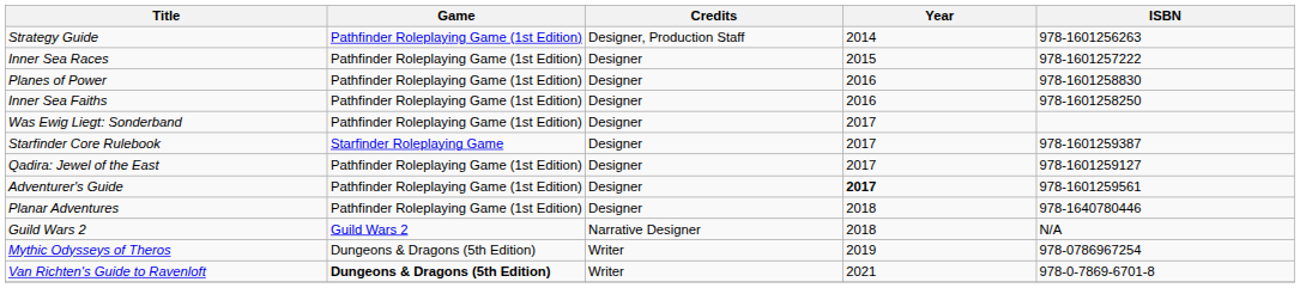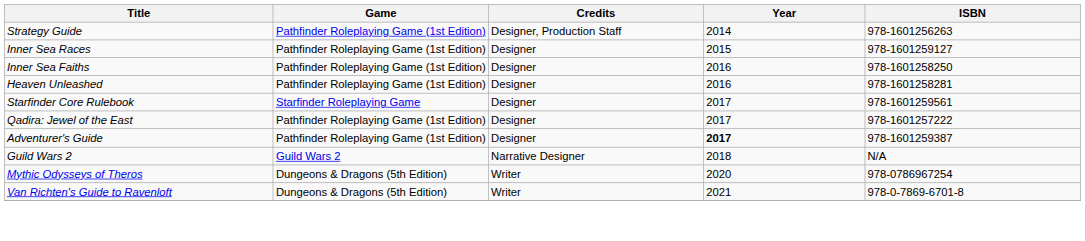 <table class="wikitable sortable" style="margins:auto; width=95%; font-size: 95%;">
 <tr>
 <th width="25%">Title</th>
 <th width="20%">Game</th>
 <th width="20%">Credits</th>
 <th width="15%">Year</th>
 <th width="20%">ISBN</th>
 </tr>
 <tr>
 <td><em>Strategy Guide</em></td>
 <td><a href='#'>Pathfinder Roleplaying Game (1st Edition)</a></td>
 <td>Designer, Production Staff</td>
 <td>2014</td>
 <td>978-1601256263</td>
 </tr>
 <tr>
 <td><em>Inner Sea Races</em></td>
 <td>Pathfinder Roleplaying Game (1st Edition)</td>
 <td>Designer</td>
 <td>2015</td>
-<td>978-1601257222</td>
-</tr>
-<tr>
-<td><em>Planes of Power</em></td>
-<td>Pathfinder Roleplaying Game (1st Edition)</td>
-<td>Designer</td>
-<td>2016</td>
-<td>978-1601258830</td>
+<td>978-1601259127</td>
 </tr>
 <tr>
 <td><em>Inner Sea Faiths</em></td>
 <td>Pathfinder Roleplaying Game (1st Edition)</td>
 <td>Designer</td>
 <td>2016</td>
 <td>978-1601258250</td>
 </tr>
 <tr>
-<td><em>Was Ewig Liegt: Sonderband</em></td>
+<td><em>Heaven Unleashed</em></td>
 <td>Pathfinder Roleplaying Game (1st Edition)</td>
 <td>Designer</td>
-<td>2017</td>
-<td></td>
+<td>2016</td>
+<td>978-1601258281</td>
 </tr>
 <tr>
 <td><em>Starfinder Core Rulebook</em></td>
 <td><a href='#'>Starfinder Roleplaying Game</a></td>
 <td>Designer</td>
 <td>2017</td>
-<td>978-1601259387</td>
+<td>978-1601259561</td>
 </tr>
 <tr>
 <td><em>Qadira: Jewel of the East</em></td>
 <td>Pathfinder Roleplaying Game (1st Edition)</td>
 <td>Designer</td>
 <td>2017</td>
-<td>978-1601259127</td>
+<td>978-1601257222</td>
 </tr>
 <tr>
 <td><em>Adventurer's Guide</em></td>
 <td>Pathfinder Roleplaying Game (1st Edition)</td>
 <td>Designer</td>
 <td><strong>2017</strong></td>
-<td>978-1601259561</td>
-</tr>
-<tr>
-<td><em>Planar Adventures</em></td>
-<td>Pathfinder Roleplaying Game (1st Edition)</td>
-<td>Designer</td>
-<td>2018</td>
-<td>978-1640780446</td>
+<td>978-1601259387</td>
 </tr>
 <tr>
 <td><em>Guild Wars 2</em></td>
 <td><a href='#'>Guild Wars 2</a></td>
 <td>Narrative Designer</td>
 <td>2018</td>
 <td>N/A</td>
 </tr>
 <tr>
 <td><em><a href='#'>Mythic Odysseys of Theros</a></em></td>
 <td>Dungeons & Dragons (5th Edition)</td>
 <td>Writer</td>
-<td>2019</td>
+<td>2020</td>
 <td>978-0786967254</td>
 </tr>
 <tr>
 <td><em><a href='#'>Van Richten's Guide to Ravenloft</a></em></td>
-<td><strong>Dungeons & Dragons (5th Edition)</strong></td>
+<td>Dungeons & Dragons (5th Edition)</td>
 <td>Writer</td>
 <td>2021</td>
 <td>978-0-7869-6701-8</td>
 </tr>
 <tr>
 </tr>
 </table>
